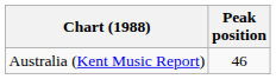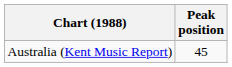 <table class="wikitable">
 <tr>
 <th scope="col">Chart (1988)</th>
 <th>Peak<br>position</th>
 </tr>
 <tr>
 <td>Australia (<a href='#'>Kent Music Report</a>)</td>
-<td style="text-align:center;">46</td>
+<td style="text-align:center;">45</td>
 </tr>
 </table>
